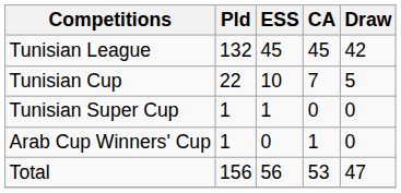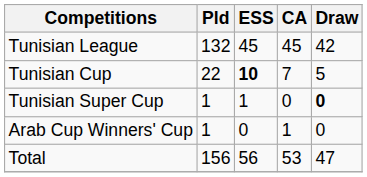 <table class="wikitable">
 <tr>
 <th>Competitions</th>
 <th>Pld</th>
 <th>ESS</th>
 <th>CA</th>
 <th>Draw</th>
 </tr>
 <tr>
 <td>Tunisian League</td>
 <td>132</td>
 <td>45</td>
 <td>45</td>
 <td>42</td>
 </tr>
 <tr>
 <td>Tunisian Cup</td>
 <td>22</td>
-<td>10</td>
+<td><strong>10</strong></td>
 <td>7</td>
 <td>5</td>
 </tr>
 <tr>
 <td>Tunisian Super Cup</td>
 <td>1</td>
 <td>1</td>
 <td>0</td>
-<td>0</td>
+<td><strong>0</strong></td>
 </tr>
 <tr>
 <td>Arab Cup Winners' Cup</td>
 <td>1</td>
 <td>0</td>
 <td>1</td>
 <td>0</td>
 </tr>
 <tr>
 <td>Total</td>
 <td>156</td>
 <td>56</td>
 <td>53</td>
 <td>47</td>
 </tr>
 <tr>
 </tr>
 </table>
